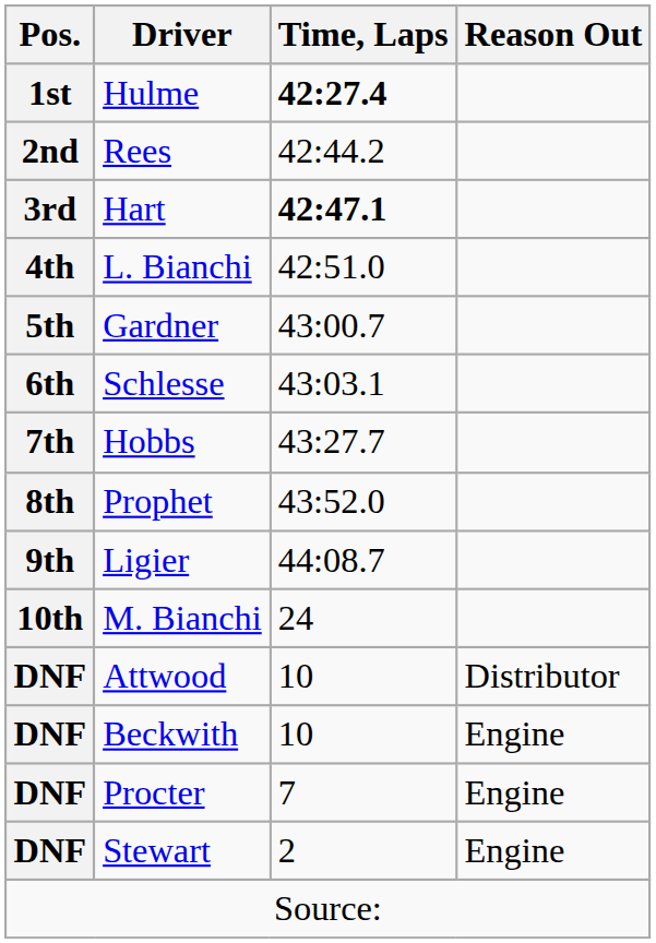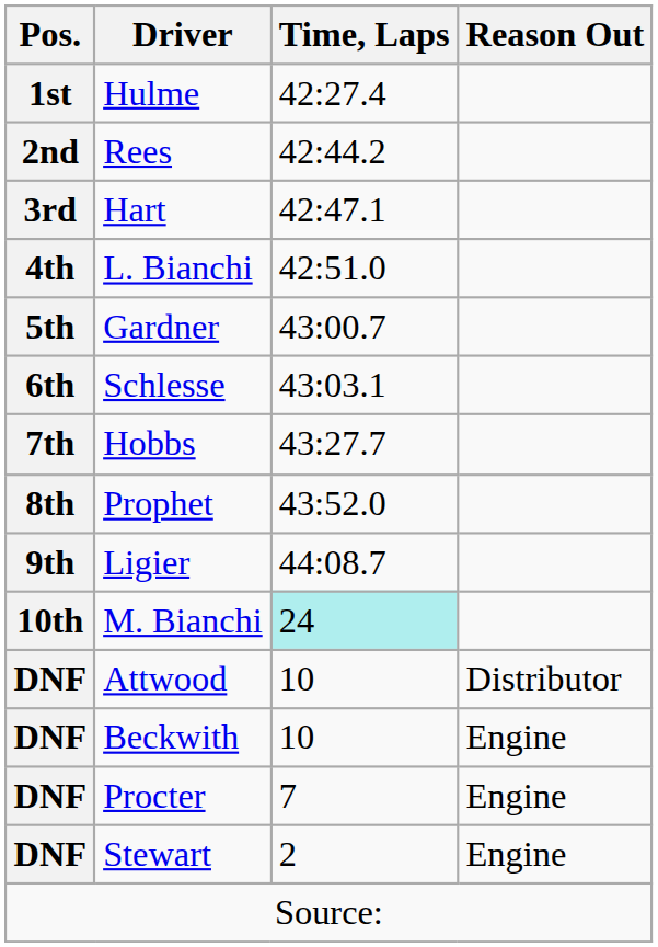 <table class="wikitable" style="font-size: 95%">
 <tr>
 <th>Pos.</th>
 <th>Driver</th>
 <th>Time, Laps</th>
 <th>Reason Out</th>
 </tr>
 <tr>
 <th>1st</th>
 <td><a href='#'>Hulme</a></td>
-<td><strong>42:27.4</strong></td>
+<td>42:27.4</td>
 <td></td>
 </tr>
 <tr>
 <th>2nd</th>
 <td><a href='#'>Rees</a></td>
 <td>42:44.2</td>
 <td></td>
 </tr>
 <tr>
 <th>3rd</th>
 <td><a href='#'>Hart</a></td>
-<td><strong>42:47.1</strong></td>
+<td>42:47.1</td>
 <td></td>
 </tr>
 <tr>
 <th>4th</th>
 <td><a href='#'>L. Bianchi</a></td>
 <td>42:51.0</td>
 <td></td>
 </tr>
 <tr>
 <th>5th</th>
 <td><a href='#'>Gardner</a></td>
 <td>43:00.7</td>
 <td></td>
 </tr>
 <tr>
 <th>6th</th>
 <td><a href='#'>Schlesse</a></td>
 <td>43:03.1</td>
 <td></td>
 </tr>
 <tr>
 <th>7th</th>
 <td><a href='#'>Hobbs</a></td>
 <td>43:27.7</td>
 <td></td>
 </tr>
 <tr>
 <th>8th</th>
 <td><a href='#'>Prophet</a></td>
 <td>43:52.0</td>
 <td></td>
 </tr>
 <tr>
 <th>9th</th>
 <td><a href='#'>Ligier</a></td>
 <td>44:08.7</td>
 <td></td>
 </tr>
 <tr>
 <th>10th</th>
 <td><a href='#'>M. Bianchi</a></td>
-<td>24</td>
+<td style="background: paleturquoise;">24</td>
 <td></td>
 </tr>
 <tr>
 <th>DNF</th>
 <td><a href='#'>Attwood</a></td>
 <td>10</td>
 <td>Distributor</td>
 </tr>
 <tr>
 <th>DNF</th>
 <td><a href='#'>Beckwith</a></td>
 <td>10</td>
 <td>Engine</td>
 </tr>
 <tr>
 <th>DNF</th>
 <td><a href='#'>Procter</a></td>
 <td>7</td>
 <td>Engine</td>
 </tr>
 <tr>
 <th>DNF</th>
 <td><a href='#'>Stewart</a></td>
 <td>2</td>
 <td>Engine</td>
 </tr>
 <tr>
 <td colspan="4" style="text-align:center;">Source:</td>
 </tr>
 </table>
